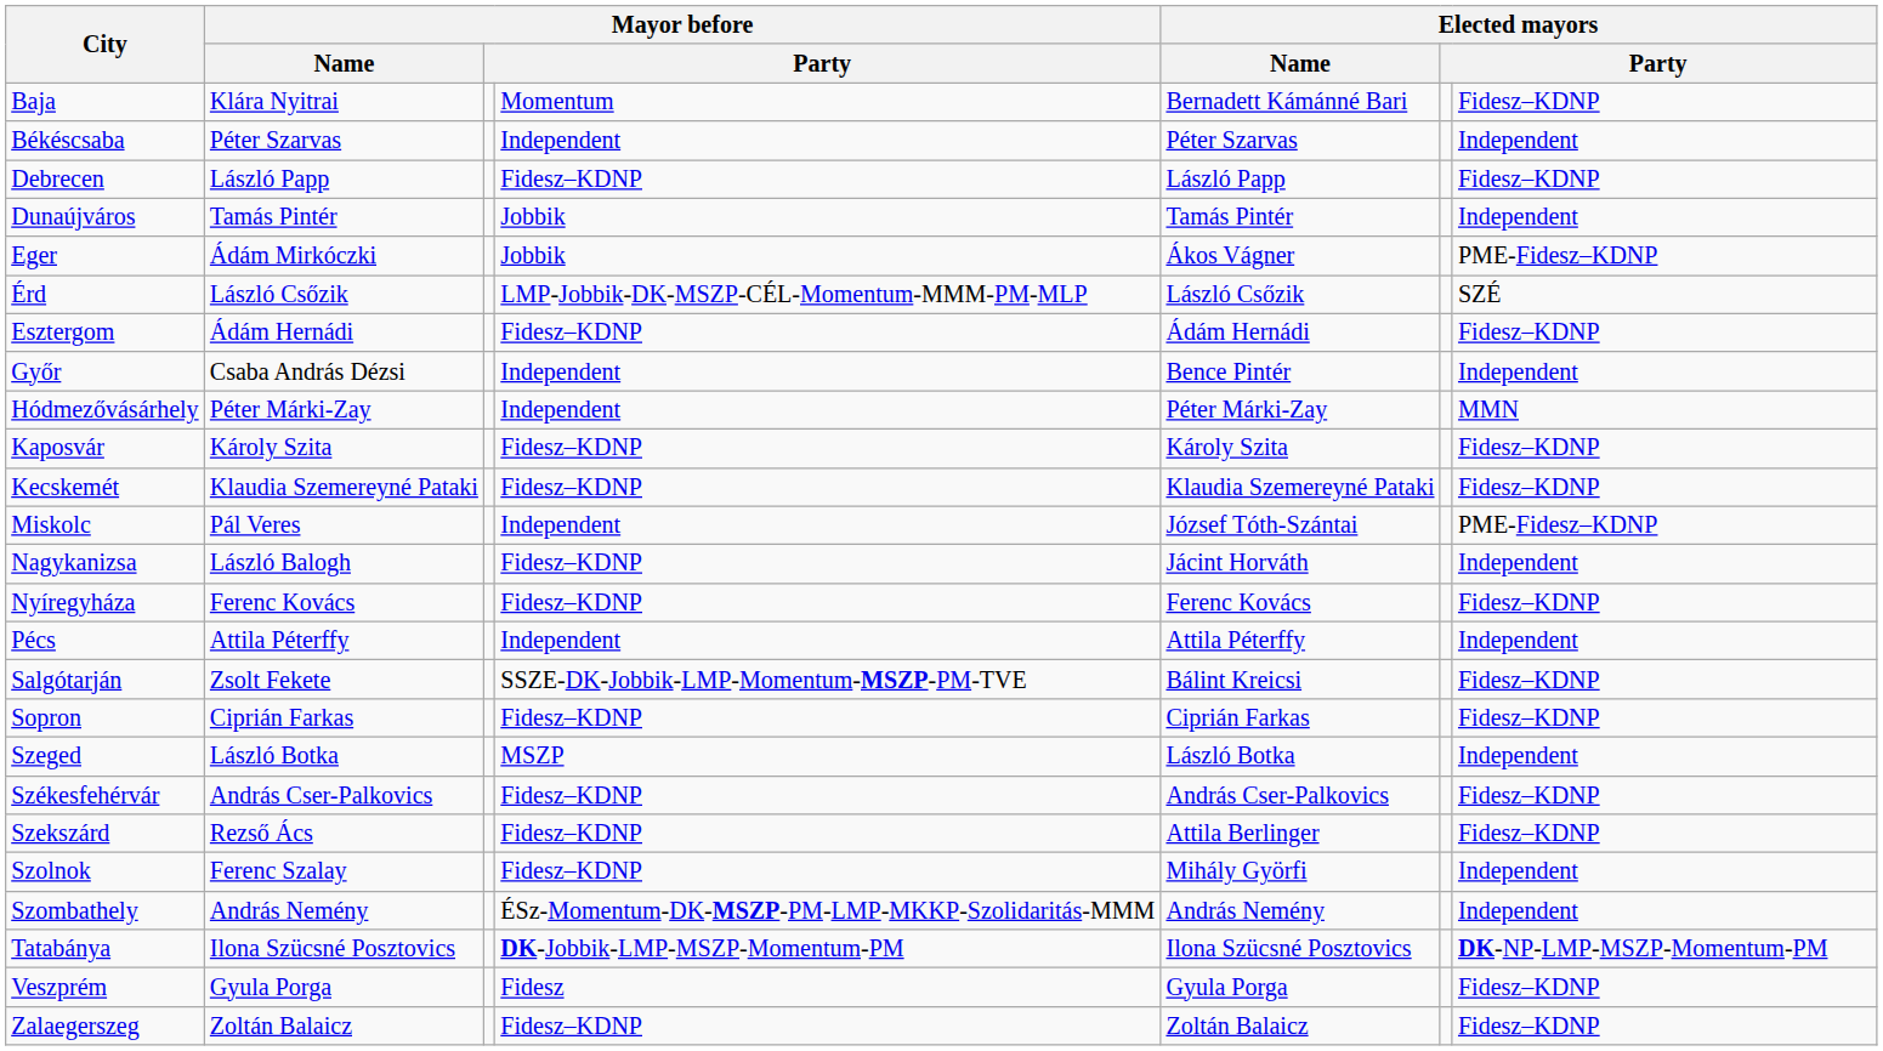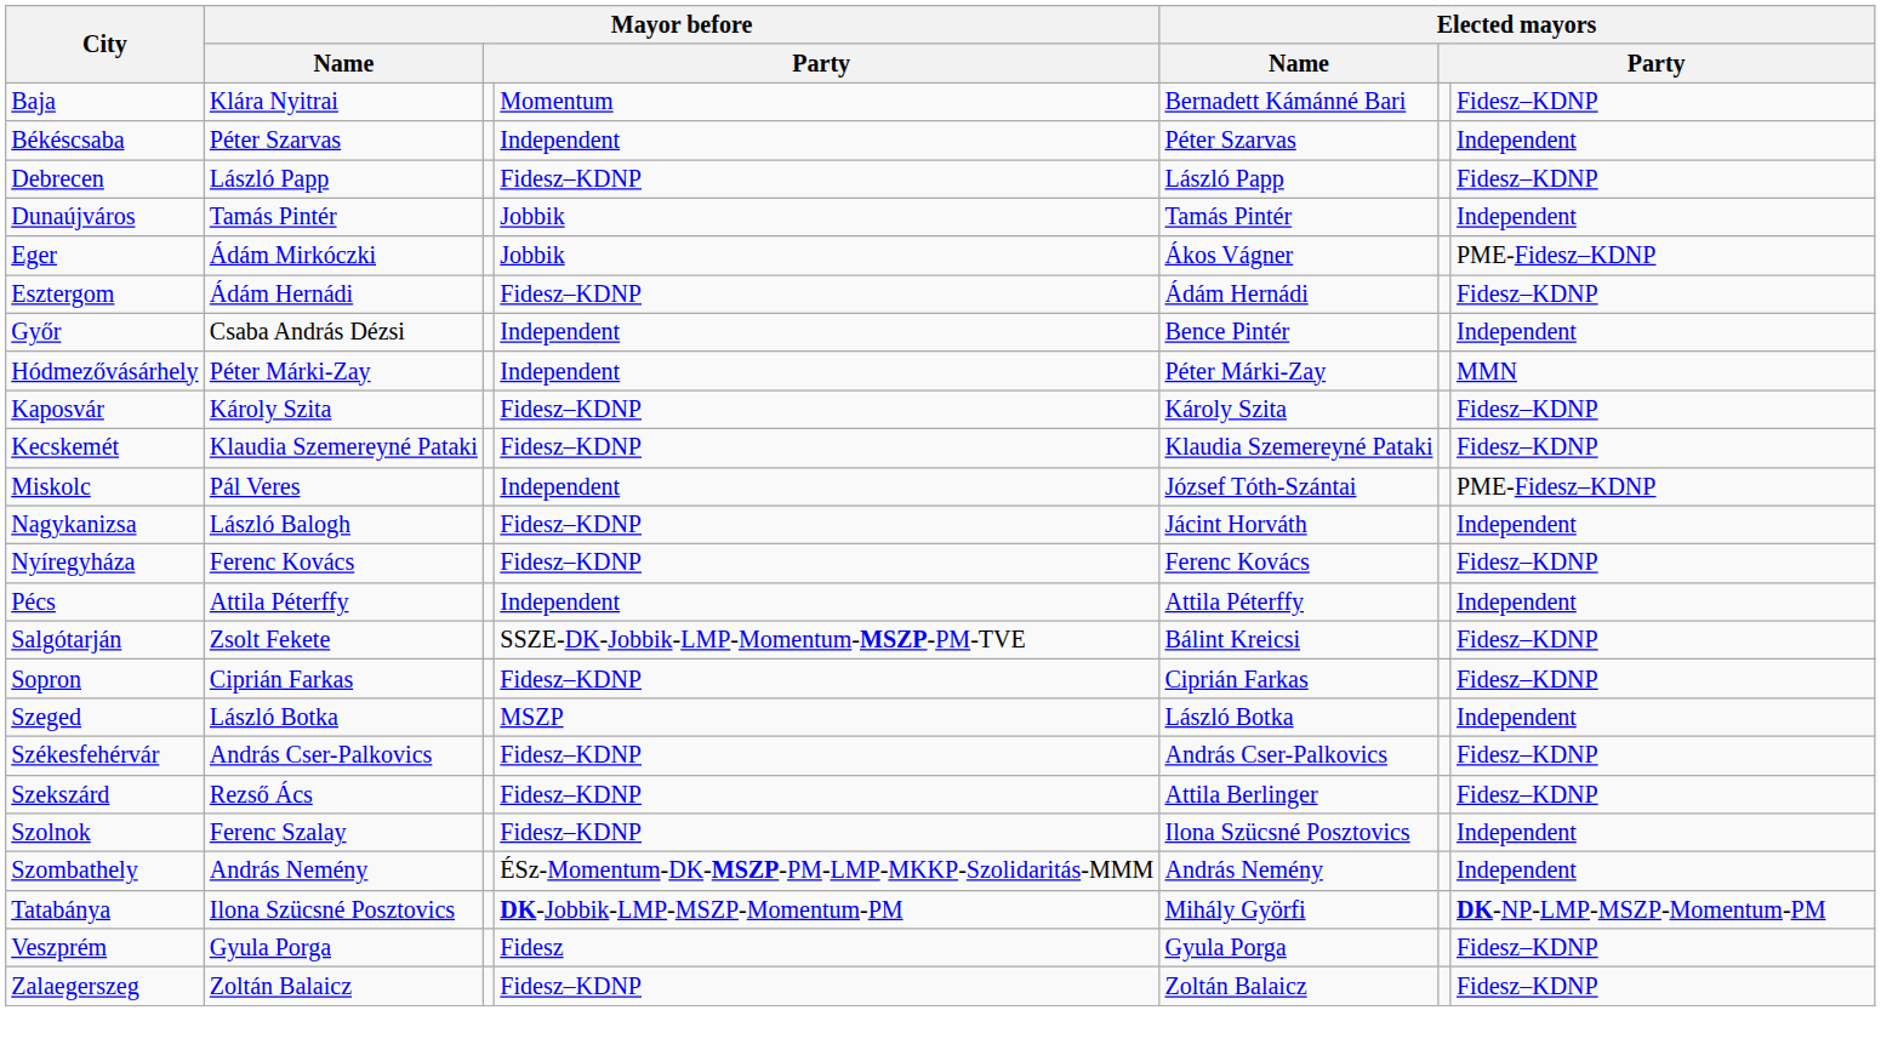 <table class="wikitable sortable">
 <tr>
 <th rowspan="2">City</th>
 <th colspan="3">Mayor before</th>
 <th colspan="3">Elected mayors</th>
 </tr>
 <tr>
 <th>Name</th>
 <th colspan="2" width="100">Party</th>
 <th>Name</th>
 <th colspan="2" width="280">Party</th>
 </tr>
 <tr>
 <td><a href='#'>Baja</a></td>
 <td><a href='#'>Klára Nyitrai</a></td>
 <td style="background-color: "></td>
 <td><a href='#'>Momentum</a></td>
 <td><a href='#'>Bernadett Kámánné Bari</a></td>
 <td style="background-color: "></td>
 <td><a href='#'>Fidesz–KDNP</a></td>
 </tr>
 <tr>
 <td><a href='#'>Békéscsaba</a></td>
 <td><a href='#'>Péter Szarvas</a></td>
 <td style="background-color: "></td>
 <td><a href='#'>Independent</a></td>
 <td><a href='#'>Péter Szarvas</a></td>
 <td style="background-color: "></td>
 <td><a href='#'>Independent</a> </td>
 </tr>
 <tr>
 <td><a href='#'>Debrecen</a></td>
 <td><a href='#'>László Papp</a></td>
 <td style="background-color: "></td>
 <td><a href='#'>Fidesz–KDNP</a></td>
 <td><a href='#'>László Papp</a></td>
 <td style="background-color: "></td>
 <td><a href='#'>Fidesz–KDNP</a></td>
 </tr>
 <tr>
 <td><a href='#'>Dunaújváros</a></td>
 <td><a href='#'>Tamás Pintér</a></td>
 <td style="background-color: "></td>
 <td><a href='#'>Jobbik</a></td>
 <td><a href='#'>Tamás Pintér</a></td>
 <td style="background-color: "></td>
 <td><a href='#'>Independent</a></td>
 </tr>
 <tr>
 <td><a href='#'>Eger</a></td>
 <td><a href='#'>Ádám Mirkóczki</a></td>
 <td style="background-color: "></td>
 <td><a href='#'>Jobbik</a></td>
 <td><a href='#'>Ákos Vágner</a></td>
 <td style="background-color: "></td>
 <td>PME-<a href='#'>Fidesz–KDNP</a></td>
-</tr>
-<tr>
-<td><a href='#'>Érd</a></td>
-<td><a href='#'>László Csőzik</a></td>
-<td style="background-color: "></td>
-<td><a href='#'>LMP</a>-<a href='#'>Jobbik</a>-<a href='#'>DK</a>-<a href='#'>MSZP</a>-CÉL-<a href='#'>Momentum</a>-MMM-<a href='#'>PM</a>-<a href='#'>MLP</a></td>
-<td><a href='#'>László Csőzik</a></td>
-<td style="background-color: "></td>
-<td>SZÉ</td>
 </tr>
 <tr>
 <td><a href='#'>Esztergom</a></td>
 <td><a href='#'>Ádám Hernádi</a></td>
 <td style="background-color: "></td>
 <td><a href='#'>Fidesz–KDNP</a></td>
 <td><a href='#'>Ádám Hernádi</a></td>
 <td style="background-color: "></td>
 <td><a href='#'>Fidesz–KDNP</a></td>
 </tr>
 <tr>
 <td><a href='#'>Győr</a></td>
 <td>Csaba András Dézsi</td>
 <td style="background-color: "></td>
 <td><a href='#'>Independent</a></td>
 <td><a href='#'>Bence Pintér</a></td>
 <td style="background-color: "></td>
 <td><a href='#'>Independent</a> </td>
 </tr>
 <tr>
 <td><a href='#'>Hódmezővásárhely</a></td>
 <td><a href='#'>Péter Márki-Zay</a></td>
 <td style="background-color: "></td>
 <td><a href='#'>Independent</a></td>
 <td><a href='#'>Péter Márki-Zay</a></td>
 <td style="background-color: "></td>
 <td><a href='#'>MMN</a></td>
 </tr>
 <tr>
 <td><a href='#'>Kaposvár</a></td>
 <td><a href='#'>Károly Szita</a></td>
 <td style="background-color: "></td>
 <td><a href='#'>Fidesz–KDNP</a></td>
 <td><a href='#'>Károly Szita</a></td>
 <td style="background-color: "></td>
 <td><a href='#'>Fidesz–KDNP</a></td>
 </tr>
 <tr>
 <td><a href='#'>Kecskemét</a></td>
 <td><a href='#'>Klaudia Szemereyné Pataki</a></td>
 <td style="background-color: "></td>
 <td><a href='#'>Fidesz–KDNP</a></td>
 <td><a href='#'>Klaudia Szemereyné Pataki</a></td>
 <td style="background-color: "></td>
 <td><a href='#'>Fidesz–KDNP</a></td>
 </tr>
 <tr>
 <td><a href='#'>Miskolc</a></td>
 <td><a href='#'>Pál Veres</a></td>
 <td style="background-color: "></td>
 <td><a href='#'>Independent</a></td>
 <td><a href='#'>József Tóth-Szántai</a></td>
 <td style="background-color: "></td>
 <td>PME-<a href='#'>Fidesz–KDNP</a></td>
 </tr>
 <tr>
 <td><a href='#'>Nagykanizsa</a></td>
 <td><a href='#'>László Balogh</a></td>
 <td style="background-color: "></td>
 <td><a href='#'>Fidesz–KDNP</a></td>
 <td><a href='#'>Jácint Horváth</a></td>
 <td style="background-color: "></td>
 <td><a href='#'>Independent</a> </td>
 </tr>
 <tr>
 <td><a href='#'>Nyíregyháza</a></td>
 <td><a href='#'>Ferenc Kovács</a></td>
 <td style="background-color: "></td>
 <td><a href='#'>Fidesz–KDNP</a></td>
 <td><a href='#'>Ferenc Kovács</a></td>
 <td style="background-color: "></td>
 <td><a href='#'>Fidesz–KDNP</a></td>
 </tr>
 <tr>
 <td><a href='#'>Pécs</a></td>
 <td><a href='#'>Attila Péterffy</a></td>
 <td style="background-color: "></td>
 <td><a href='#'>Independent</a></td>
 <td><a href='#'>Attila Péterffy</a></td>
 <td style="background-color: "></td>
 <td><a href='#'>Independent</a> </td>
 </tr>
 <tr>
 <td><a href='#'>Salgótarján</a></td>
 <td><a href='#'>Zsolt Fekete</a></td>
 <td style="background-color: "></td>
 <td>SSZE-<a href='#'>DK</a>-<a href='#'>Jobbik</a>-<a href='#'>LMP</a>-<a href='#'>Momentum</a>-<a href='#'><strong>MSZP</strong></a>-<a href='#'>PM</a>-TVE</td>
 <td><a href='#'>Bálint Kreicsi</a></td>
 <td style="background-color: "></td>
 <td><a href='#'>Fidesz–KDNP</a></td>
 </tr>
 <tr>
 <td><a href='#'>Sopron</a></td>
 <td><a href='#'>Ciprián Farkas</a></td>
 <td style="background-color: "></td>
 <td><a href='#'>Fidesz–KDNP</a></td>
 <td><a href='#'>Ciprián Farkas</a></td>
 <td style="background-color: "></td>
 <td><a href='#'>Fidesz–KDNP</a></td>
 </tr>
 <tr>
 <td><a href='#'>Szeged</a></td>
 <td><a href='#'>László Botka</a></td>
 <td style="background-color: "></td>
 <td><a href='#'>MSZP</a></td>
 <td><a href='#'>László Botka</a></td>
 <td style="background-color: "></td>
 <td><a href='#'>Independent</a></td>
 </tr>
 <tr>
 <td><a href='#'>Székesfehérvár</a></td>
 <td><a href='#'>András Cser-Palkovics</a></td>
 <td style="background-color: "></td>
 <td><a href='#'>Fidesz–KDNP</a></td>
 <td><a href='#'>András Cser-Palkovics</a></td>
 <td style="background-color: "></td>
 <td><a href='#'>Fidesz–KDNP</a></td>
 </tr>
 <tr>
 <td><a href='#'>Szekszárd</a></td>
 <td><a href='#'>Rezső Ács</a></td>
 <td style="background-color: "></td>
 <td><a href='#'>Fidesz–KDNP</a></td>
 <td><a href='#'>Attila Berlinger</a></td>
 <td style="background-color: "></td>
 <td><a href='#'>Fidesz–KDNP</a></td>
 </tr>
 <tr>
 <td><a href='#'>Szolnok</a></td>
 <td><a href='#'>Ferenc Szalay</a></td>
 <td style="background-color: "></td>
 <td><a href='#'>Fidesz–KDNP</a></td>
-<td><a href='#'>Mihály Györfi</a></td>
+<td><a href='#'>Ilona Szücsné Posztovics</a></td>
 <td style="background-color: "></td>
 <td><a href='#'>Independent</a> </td>
 </tr>
 <tr>
 <td><a href='#'>Szombathely</a></td>
 <td><a href='#'>András Nemény</a></td>
 <td style="background-color: "></td>
 <td>ÉSz-<a href='#'>Momentum</a>-<a href='#'>DK</a>-<a href='#'><strong>MSZP</strong></a>-<a href='#'>PM</a>-<a href='#'>LMP</a>-<a href='#'>MKKP</a>-<a href='#'>Szolidaritás</a>-MMM</td>
 <td><a href='#'>András Nemény</a></td>
 <td style="background-color: "></td>
 <td><a href='#'>Independent</a> </td>
 </tr>
 <tr>
 <td><a href='#'>Tatabánya</a></td>
 <td><a href='#'>Ilona Szücsné Posztovics</a></td>
 <td style="background-color: "></td>
 <td><a href='#'><strong>DK</strong></a>-<a href='#'>Jobbik</a>-<a href='#'>LMP</a>-<a href='#'>MSZP</a>-<a href='#'>Momentum</a>-<a href='#'>PM</a></td>
-<td><a href='#'>Ilona Szücsné Posztovics</a></td>
+<td><a href='#'>Mihály Györfi</a></td>
 <td style="background-color: "></td>
 <td><a href='#'><strong>DK</strong></a>-<a href='#'>NP</a>-<a href='#'>LMP</a>-<a href='#'>MSZP</a>-<a href='#'>Momentum</a>-<a href='#'>PM</a></td>
 </tr>
 <tr>
 <td><a href='#'>Veszprém</a></td>
 <td><a href='#'>Gyula Porga</a></td>
 <td style="background-color: "></td>
 <td><a href='#'>Fidesz</a></td>
 <td><a href='#'>Gyula Porga</a></td>
 <td style="background-color: "></td>
 <td><a href='#'>Fidesz–KDNP</a></td>
 </tr>
 <tr>
 <td><a href='#'>Zalaegerszeg</a></td>
 <td><a href='#'>Zoltán Balaicz</a></td>
 <td style="background-color: "></td>
 <td><a href='#'>Fidesz–KDNP</a></td>
 <td><a href='#'>Zoltán Balaicz</a></td>
 <td style="background-color: "></td>
 <td><a href='#'>Fidesz–KDNP</a></td>
 </tr>
 </table>
